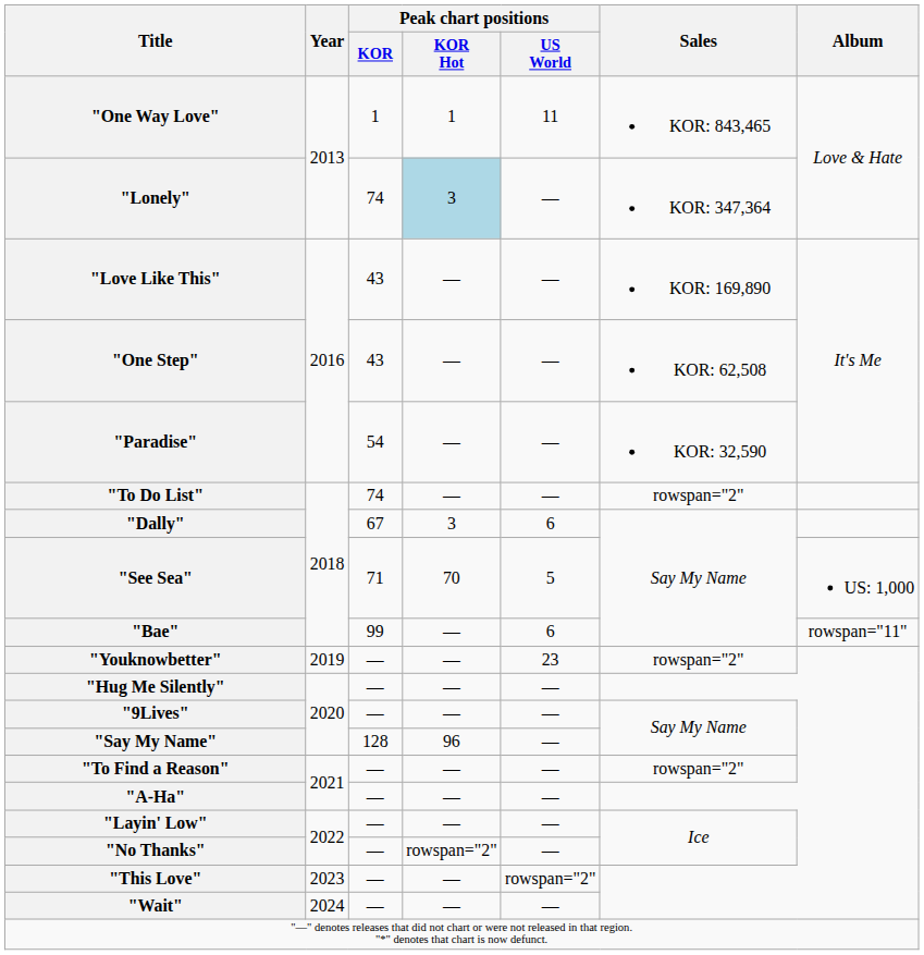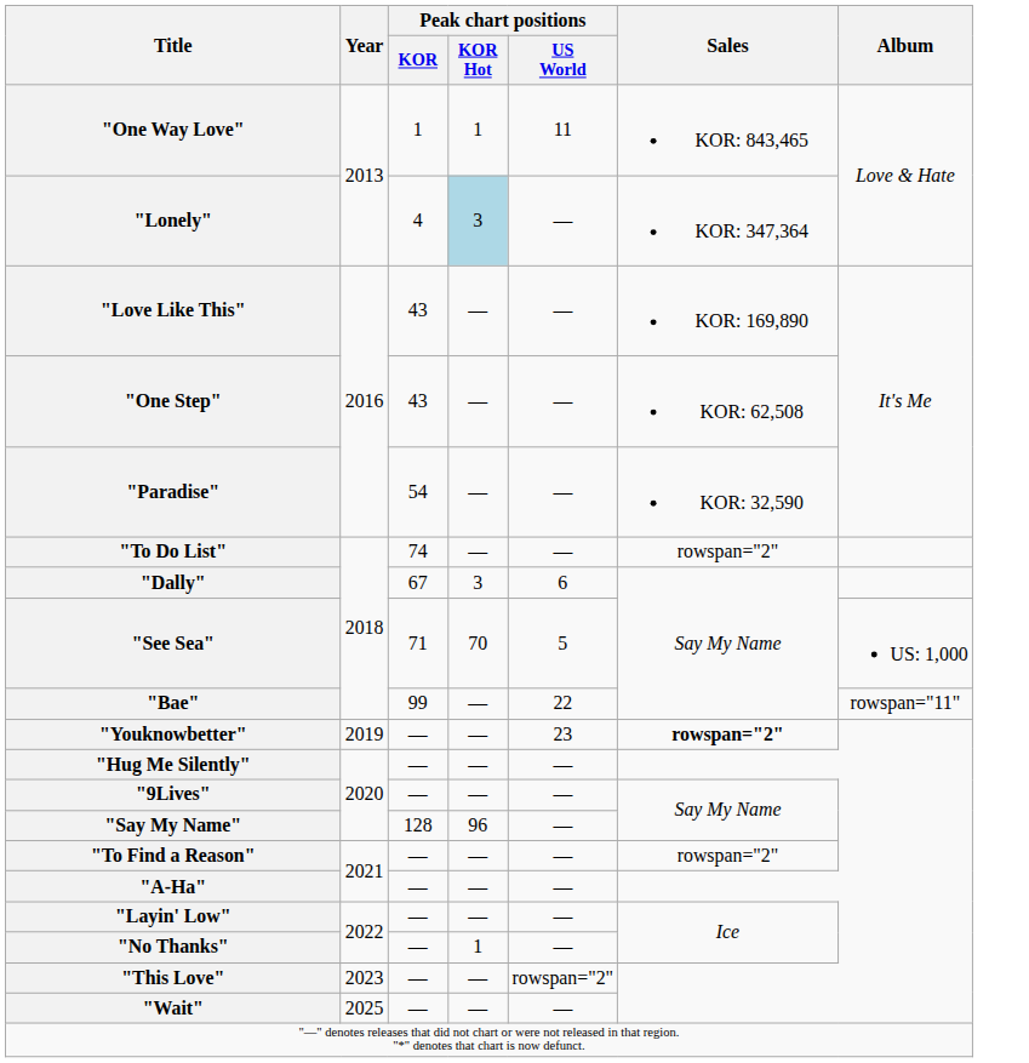 <table class="wikitable plainrowheaders" style="text-align:center;">
 <tr>
 <th scope="col" rowspan="2" style="width:17em;">Title</th>
 <th scope="col" rowspan="2">Year</th>
 <th scope="col" colspan="3">Peak chart positions</th>
 <th scope="col" rowspan="2" style="width:11em;">Sales</th>
 <th scope="col" rowspan="2">Album</th>
 </tr>
 <tr>
 <th scope="col" style="width:3em;font-size:90%;"><a href='#'>KOR</a><br></th>
 <th scope="col" style="width:3em;font-size:90%;"><a href='#'>KOR<br>Hot</a><br></th>
 <th scope="col" style="width:3em;font-size:90%;"><a href='#'>US<br>World</a><br></th>
 </tr>
 <tr>
 <th scope="row">"One Way Love" </th>
 <td rowspan="2">2013</td>
 <td>1</td>
 <td>1</td>
 <td>11</td>
 <td><br><ul><li>KOR: 843,465</li></ul></td>
 <td rowspan="2"><em>Love & Hate</em></td>
 </tr>
 <tr>
 <th scope="row">"Lonely"</th>
-<td>74</td>
+<td>4</td>
 <td style="background: lightblue;">3</td>
 <td>—</td>
 <td><br><ul><li>KOR: 347,364</li></ul></td>
 </tr>
 <tr>
 <th scope="row">"Love Like This" </th>
 <td rowspan="3">2016</td>
 <td>43</td>
 <td>—</td>
 <td>—</td>
 <td><br><ul><li>KOR: 169,890</li></ul></td>
 <td rowspan="3"><em>It's Me</em></td>
 </tr>
 <tr>
 <th scope="row">"One Step" </th>
 <td>43</td>
 <td>—</td>
 <td>—</td>
 <td><br><ul><li>KOR: 62,508</li></ul></td>
 </tr>
 <tr>
 <th scope="row">"Paradise"</th>
 <td>54</td>
 <td>—</td>
 <td>—</td>
 <td><br><ul><li>KOR: 32,590</li></ul></td>
 </tr>
 <tr>
 <th scope="row">"To Do List" </th>
 <td rowspan="4">2018</td>
 <td>74</td>
 <td>—</td>
 <td>—</td>
 <td>rowspan="2" </td>
 <td></td>
 </tr>
 <tr>
 <th scope="row">"Dally"  </th>
 <td>67</td>
 <td>3</td>
 <td>6</td>
 <td rowspan="3"><em>Say My Name</em></td>
 </tr>
 <tr>
 <th scope="row">"See Sea" </th>
 <td>71</td>
 <td>70</td>
 <td>5</td>
 <td><br><ul><li>US: 1,000</li></ul></td>
 </tr>
 <tr>
 <th scope="row">"Bae"</th>
 <td>99</td>
 <td>—</td>
-<td>6</td>
+<td>22</td>
 <td>rowspan="11" </td>
 </tr>
 <tr>
 <th scope="row">"Youknowbetter" </th>
 <td>2019</td>
 <td>—</td>
 <td>—</td>
 <td>23</td>
-<td>rowspan="2" </td>
+<td><strong>rowspan="2" </strong></td>
 </tr>
 <tr>
 <th scope="row">"Hug Me Silently"  <br> </th>
 <td rowspan="3">2020</td>
 <td>—</td>
 <td>—</td>
 <td>—</td>
 </tr>
 <tr>
 <th scope="row">"9Lives"</th>
 <td>—</td>
 <td>—</td>
 <td>—</td>
 <td rowspan="2"><em>Say My Name</em></td>
 </tr>
 <tr>
 <th scope="row">"Say My Name"</th>
 <td>128</td>
 <td>96</td>
 <td>—</td>
 </tr>
 <tr>
 <th scope="row">"To Find a Reason"  <br> </th>
 <td rowspan="2">2021</td>
 <td>—</td>
 <td>—</td>
 <td>—</td>
 <td>rowspan="2" </td>
 </tr>
 <tr>
 <th scope="row">"A-Ha" </th>
 <td>—</td>
 <td>—</td>
 <td>—</td>
 </tr>
 <tr>
 <th scope="row">"Layin' Low" </th>
 <td rowspan="2">2022</td>
 <td>—</td>
 <td>—</td>
 <td>—</td>
 <td rowspan="2"><em>Ice</em></td>
 </tr>
 <tr>
 <th scope="row">"No Thanks"</th>
 <td>—</td>
-<td>rowspan="2" </td>
+<td>1</td>
 <td>—</td>
 </tr>
 <tr>
 <th scope="row">"This Love" </th>
 <td>2023</td>
 <td>—</td>
 <td>—</td>
 <td>rowspan="2" </td>
 </tr>
 <tr>
 <th scope="row">"Wait"</th>
-<td>2024</td>
+<td>2025</td>
 <td>—</td>
 <td>—</td>
 <td>—</td>
 </tr>
 <tr>
 <td colspan="8" style="text-align:center; font-size:8pt;">"—" denotes releases that did not chart or were not released in that region.<br>"*" denotes that chart is now defunct.</td>
 </tr>
 </table>
